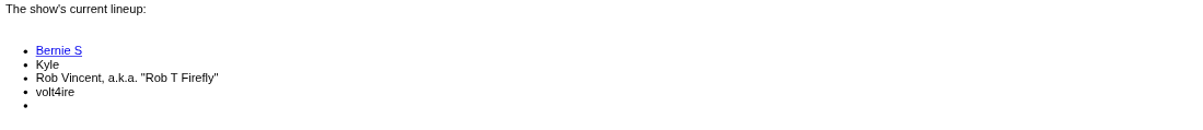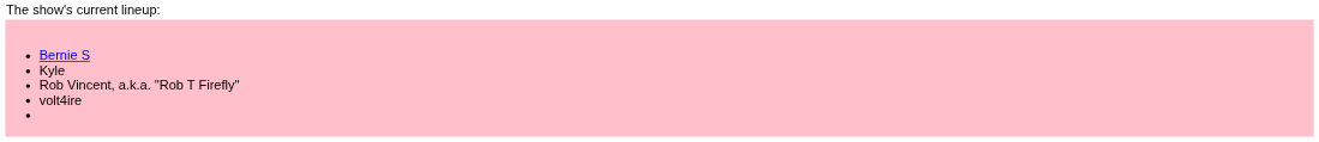 <table style="width:100%;">
 <tr>
 <td colspan="2">The show's current lineup:</td>
 </tr>
 <tr>
-<td><br><ul><li><a href='#'>Bernie S</a></li><li>Kyle</li><li>Rob Vincent, a.k.a. "Rob T Firefly"</li><li>volt4ire</li><li></li></ul></td>
+<td style="background: pink;"><br><ul><li><a href='#'>Bernie S</a></li><li>Kyle</li><li>Rob Vincent, a.k.a. "Rob T Firefly"</li><li>volt4ire</li><li></li></ul></td>
 </tr>
 </table>
